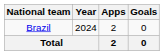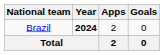 <table class="wikitable" style="text-align:center">
 <tr>
 <th>National team</th>
 <th>Year</th>
 <th>Apps</th>
 <th>Goals</th>
 </tr>
 <tr>
 <td><a href='#'>Brazil</a></td>
-<td>2024</td>
+<td><strong>2024</strong></td>
 <td>2</td>
 <td>0</td>
 </tr>
 <tr>
 <th colspan="2">Total</th>
 <th>2</th>
 <th>0</th>
 </tr>
 </table>
